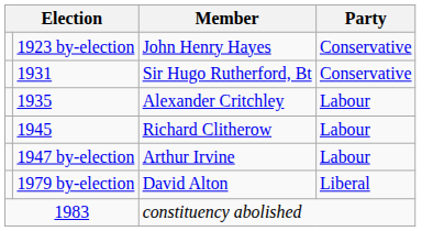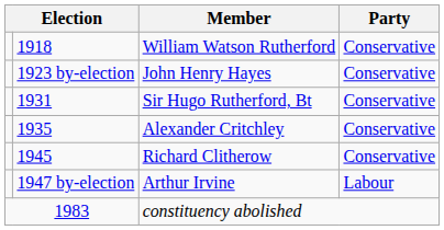 <table class="wikitable">
 <tr>
 <th colspan="2">Election</th>
 <th>Member</th>
 <th>Party</th>
+</tr>
+<tr>
+<td style="color:inherit;background-color: "></td>
+<td><a href='#'>1918</a></td>
+<td><a href='#'>William Watson Rutherford</a></td>
+<td><a href='#'>Conservative</a></td>
 </tr>
 <tr>
 <td style="color:inherit;background-color: "></td>
 <td><a href='#'>1923 by-election</a></td>
 <td><a href='#'>John Henry Hayes</a></td>
 <td><a href='#'>Conservative</a></td>
 </tr>
 <tr>
 <td style="color:inherit;background-color: "></td>
 <td><a href='#'>1931</a></td>
 <td><a href='#'>Sir Hugo Rutherford, Bt</a></td>
 <td><a href='#'>Conservative</a></td>
 </tr>
 <tr>
 <td style="color:inherit;background-color: "></td>
 <td><a href='#'>1935</a></td>
 <td><a href='#'>Alexander Critchley</a></td>
-<td><a href='#'>Labour</a></td>
+<td><a href='#'>Conservative</a></td>
 </tr>
 <tr>
 <td style="color:inherit;background-color: "></td>
 <td><a href='#'>1945</a></td>
 <td><a href='#'>Richard Clitherow</a></td>
-<td><a href='#'>Labour</a></td>
+<td><a href='#'>Conservative</a></td>
 </tr>
 <tr>
 <td style="color:inherit;background-color: "></td>
 <td><a href='#'>1947 by-election</a></td>
 <td><a href='#'>Arthur Irvine</a></td>
 <td><a href='#'>Labour</a></td>
 </tr>
 <tr>
-<td style="color:inherit;background-color: "></td>
-<td><a href='#'>1979 by-election</a></td>
-<td><a href='#'>David Alton</a></td>
-<td><a href='#'>Liberal</a></td>
-</tr>
-<tr>
 <td colspan="2" align="center"><a href='#'>1983</a></td>
 <td colspan="2"><em>constituency abolished</em></td>
 </tr>
 </table>
